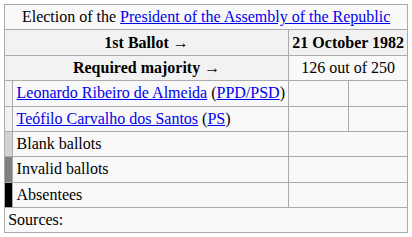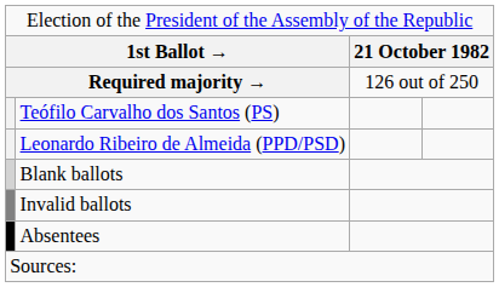 <table class="wikitable" style="text-align:center;">
 <tr>
 <td colspan="4" align="center">Election of the <a href='#'>President of the Assembly of the Republic</a></td>
 </tr>
 <tr>
 <th colspan="2" width="225px">1st Ballot →</th>
 <th colspan="2">21 October 1982</th>
 </tr>
 <tr>
 <th colspan="2">Required majority →</th>
 <td colspan="2">126 out of 250</td>
 </tr>
 <tr>
 <th width="1px" style="background:"></th>
-<td align="left"><a href='#'>Leonardo Ribeiro de Almeida</a> (<a href='#'>PPD/PSD</a>)</td>
+<td align="left"><a href='#'>Teófilo Carvalho dos Santos</a> (<a href='#'>PS</a>)</td>
 <td></td>
 <td></td>
 </tr>
 <tr>
 <th width="1px" style="background:"></th>
-<td align="left"><a href='#'>Teófilo Carvalho dos Santos</a> (<a href='#'>PS</a>)</td>
+<td align="left"><a href='#'>Leonardo Ribeiro de Almeida</a> (<a href='#'>PPD/PSD</a>)</td>
 <td></td>
 <td></td>
 </tr>
 <tr>
 <th style="background:lightgray;"></th>
 <td align="left">Blank ballots</td>
 <td colspan="2"></td>
 </tr>
 <tr>
 <th style="background:gray;"></th>
 <td align="left">Invalid ballots</td>
 <td colspan="2"></td>
 </tr>
 <tr>
 <th style="background:black;"></th>
 <td align="left">Absentees</td>
 <td colspan="2"></td>
 </tr>
 <tr>
 <td align="left" colspan="4">Sources: </td>
 </tr>
 </table>
